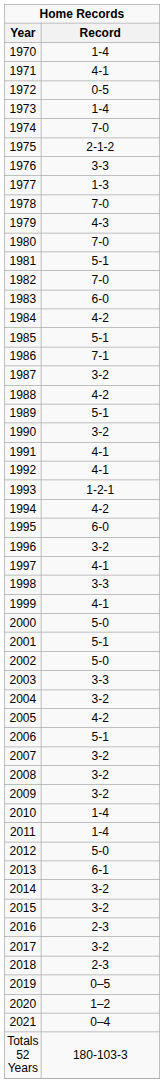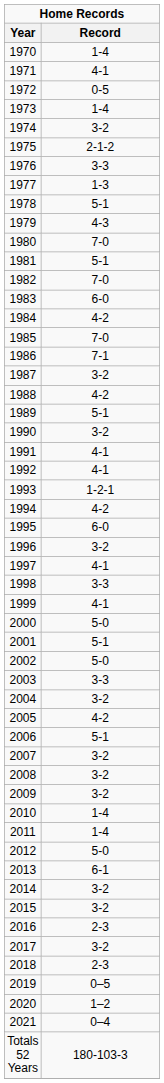 <table class="wikitable sortable" style="text-align:center">
 <tr>
 <td colspan="2"><strong>Home Records</strong></td>
 </tr>
 <tr>
 <th style="width:40px; ">Year</th>
 <th style="width:150px; ">Record</th>
 </tr>
 <tr>
 <td>1970</td>
 <td>1-4</td>
 </tr>
 <tr>
 <td>1971</td>
 <td>4-1</td>
 </tr>
 <tr>
 <td>1972</td>
 <td>0-5</td>
 </tr>
 <tr>
 <td>1973</td>
 <td>1-4</td>
 </tr>
 <tr>
 <td>1974</td>
-<td>7-0</td>
+<td>3-2</td>
 </tr>
 <tr>
 <td>1975</td>
 <td>2-1-2</td>
 </tr>
 <tr>
 <td>1976</td>
 <td>3-3</td>
 </tr>
 <tr>
 <td>1977</td>
 <td>1-3</td>
 </tr>
 <tr>
 <td>1978</td>
-<td>7-0</td>
+<td>5-1</td>
 </tr>
 <tr>
 <td>1979</td>
 <td>4-3</td>
 </tr>
 <tr>
 <td>1980</td>
 <td>7-0</td>
 </tr>
 <tr>
 <td>1981</td>
 <td>5-1</td>
 </tr>
 <tr>
 <td>1982</td>
 <td>7-0</td>
 </tr>
 <tr>
 <td>1983</td>
 <td>6-0</td>
 </tr>
 <tr>
 <td>1984</td>
 <td>4-2</td>
 </tr>
 <tr>
 <td>1985</td>
-<td>5-1</td>
+<td>7-0</td>
 </tr>
 <tr>
 <td>1986</td>
 <td>7-1</td>
 </tr>
 <tr>
 <td>1987</td>
 <td>3-2</td>
 </tr>
 <tr>
 <td>1988</td>
 <td>4-2</td>
 </tr>
 <tr>
 <td>1989</td>
 <td>5-1</td>
 </tr>
 <tr>
 <td>1990</td>
 <td>3-2</td>
 </tr>
 <tr>
 <td>1991</td>
 <td>4-1</td>
 </tr>
 <tr>
 <td>1992</td>
 <td>4-1</td>
 </tr>
 <tr>
 <td>1993</td>
 <td>1-2-1</td>
 </tr>
 <tr>
 <td>1994</td>
 <td>4-2</td>
 </tr>
 <tr>
 <td>1995</td>
 <td>6-0</td>
 </tr>
 <tr>
 <td>1996</td>
 <td>3-2</td>
 </tr>
 <tr>
 <td>1997</td>
 <td>4-1</td>
 </tr>
 <tr>
 <td>1998</td>
 <td>3-3</td>
 </tr>
 <tr>
 <td>1999</td>
 <td>4-1</td>
 </tr>
 <tr>
 <td>2000</td>
 <td>5-0</td>
 </tr>
 <tr>
 <td>2001</td>
 <td>5-1</td>
 </tr>
 <tr>
 <td>2002</td>
 <td>5-0</td>
 </tr>
 <tr>
 <td>2003</td>
 <td>3-3</td>
 </tr>
 <tr>
 <td>2004</td>
 <td>3-2</td>
 </tr>
 <tr>
 <td>2005</td>
 <td>4-2</td>
 </tr>
 <tr>
 <td>2006</td>
 <td>5-1</td>
 </tr>
 <tr>
 <td>2007</td>
 <td>3-2</td>
 </tr>
 <tr>
 <td>2008</td>
 <td>3-2</td>
 </tr>
 <tr>
 <td>2009</td>
 <td>3-2</td>
 </tr>
 <tr>
 <td>2010</td>
 <td>1-4</td>
 </tr>
 <tr>
 <td>2011</td>
 <td>1-4</td>
 </tr>
 <tr>
 <td>2012</td>
 <td>5-0</td>
 </tr>
 <tr>
 <td>2013</td>
 <td>6-1</td>
 </tr>
 <tr>
 <td>2014</td>
 <td>3-2</td>
 </tr>
 <tr>
 <td>2015</td>
 <td>3-2</td>
 </tr>
 <tr>
 <td>2016</td>
 <td>2-3</td>
 </tr>
 <tr>
 <td>2017</td>
 <td>3-2</td>
 </tr>
 <tr>
 <td>2018</td>
 <td>2-3</td>
 </tr>
 <tr>
 <td>2019</td>
 <td>0–5</td>
 </tr>
 <tr>
 <td>2020</td>
 <td>1–2</td>
 </tr>
 <tr>
 <td>2021</td>
 <td>0–4</td>
 </tr>
 <tr>
 <td>Totals <br>52 Years</td>
 <td>180-103-3 <br></td>
 </tr>
 <tr>
 </tr>
 </table>
